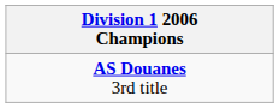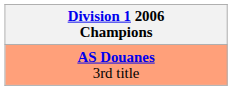 <table class="wikitable" style="margin: 0 auto; width: 240px;">
 <tr>
 <th><a href='#'>Division 1</a> 2006<br>Champions</th>
 </tr>
 <tr>
-<td align=center><strong><a href='#'>AS Douanes</a></strong><br>3rd title</td>
+<td align=center style="background: lightsalmon;"><strong><a href='#'>AS Douanes</a></strong><br>3rd title</td>
 </tr>
 </table>
